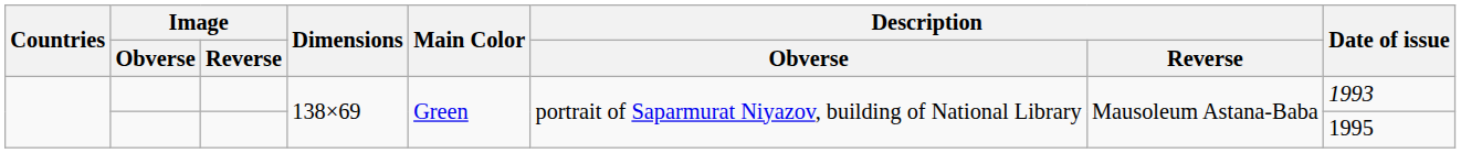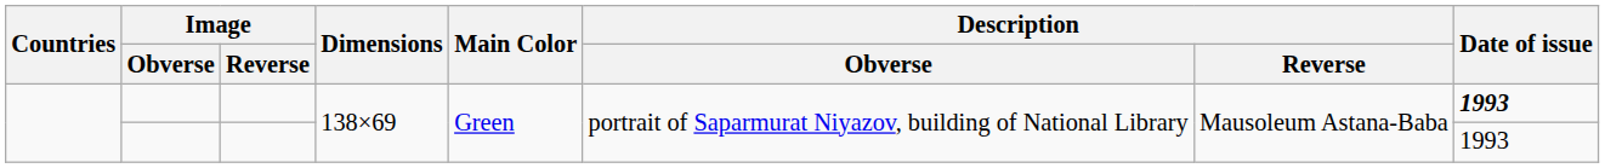 <table class="wikitable">
 <tr>
 <th rowspan="2">Countries</th>
 <th colspan="2">Image</th>
 <th rowspan="2">Dimensions</th>
 <th rowspan="2">Main Color</th>
 <th colspan="2">Description</th>
 <th rowspan="2">Date of issue</th>
 </tr>
 <tr>
 <th><strong>Obverse</strong></th>
 <th><strong>Reverse</strong></th>
 <th>Obverse</th>
 <th>Reverse</th>
 </tr>
 <tr>
 <td rowspan="2"></td>
 <td></td>
 <td></td>
 <td rowspan="2">138×69</td>
 <td rowspan="2"><a href='#'>Green</a></td>
 <td rowspan="2">portrait of <a href='#'>Saparmurat Niyazov</a>, building of National Library</td>
 <td rowspan="2">Mausoleum Astana-Baba</td>
-<td><em>1993</em></td>
+<td><strong><em>1993</em></strong></td>
 </tr>
 <tr>
 <td></td>
 <td></td>
-<td>1995 </td>
+<td>1993 </td>
 </tr>
 </table>
